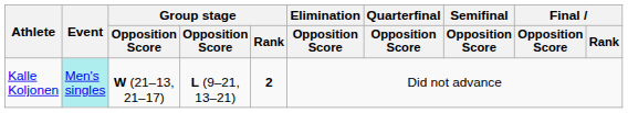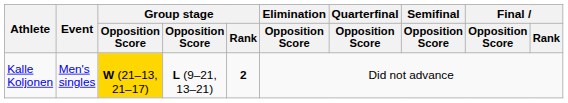 <table class="wikitable" style="font-size:90%">
 <tr>
 <th rowspan=2>Athlete</th>
 <th rowspan=2>Event</th>
 <th colspan=3>Group stage</th>
 <th>Elimination</th>
 <th>Quarterfinal</th>
 <th>Semifinal</th>
 <th colspan=2>Final / </th>
 </tr>
 <tr style="font-size:95%">
 <th>Opposition<br>Score</th>
 <th>Opposition<br>Score</th>
 <th>Rank</th>
 <th>Opposition<br>Score</th>
 <th>Opposition<br>Score</th>
 <th>Opposition<br>Score</th>
 <th>Opposition<br>Score</th>
 <th>Rank</th>
 </tr>
 <tr align=center>
 <td align=left><a href='#'>Kalle Koljonen</a></td>
-<td align=left style="background: paleturquoise;"><a href='#'>Men's singles</a></td>
-<td><br><strong>W</strong> (21–13, 21–17)</td>
+<td align=left><a href='#'>Men's singles</a></td>
+<td style="background: gold;"><br><strong>W</strong> (21–13, 21–17)</td>
 <td><br><strong>L</strong> (9–21, 13–21)</td>
 <td><strong>2</strong></td>
 <td colspan=5>Did not advance</td>
 </tr>
 </table>
